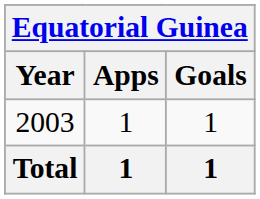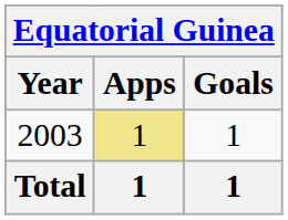 <table class="wikitable" style="text-align:center">
 <tr>
 <th colspan=3><a href='#'>Equatorial Guinea</a></th>
 </tr>
 <tr>
 <th>Year</th>
 <th>Apps</th>
 <th>Goals</th>
 </tr>
 <tr>
 <td>2003</td>
-<td>1</td>
+<td style="background: khaki;">1</td>
 <td>1</td>
 </tr>
 <tr>
 <th>Total</th>
 <th>1</th>
 <th>1</th>
 </tr>
 </table>
